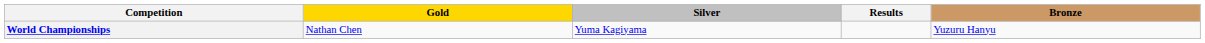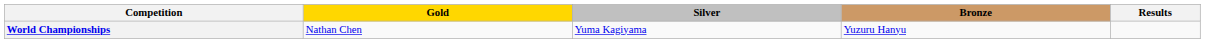 <table class="wikitable unsortable" style="text-align:left; width:90%;">
 <tr>
 <th scope="col" style="text-align:center; width:25%;">Competition</th>
 <td scope="col" style="text-align:center; width:22.5%; background:gold"><strong>Gold</strong></td>
 <td scope="col" style="text-align:center; width:22.5%; background:silver"><strong>Silver</strong></td>
+<td scope="col" style="text-align:center; width:22.5%; background:#c96"><strong>Bronze</strong></td>
 <th scope="col" style="text-align:center; width:7.5%;">Results</th>
-<td scope="col" style="text-align:center; width:22.5%; background:#c96"><strong>Bronze</strong></td>
 </tr>
 <tr>
 <th scope="row" style="text-align:left"> <a href='#'>World Championships</a></th>
 <td> <a href='#'>Nathan Chen</a></td>
 <td> <a href='#'>Yuma Kagiyama</a></td>
+<td> <a href='#'>Yuzuru Hanyu</a></td>
 <td></td>
-<td> <a href='#'>Yuzuru Hanyu</a></td>
 </tr>
 </table>
